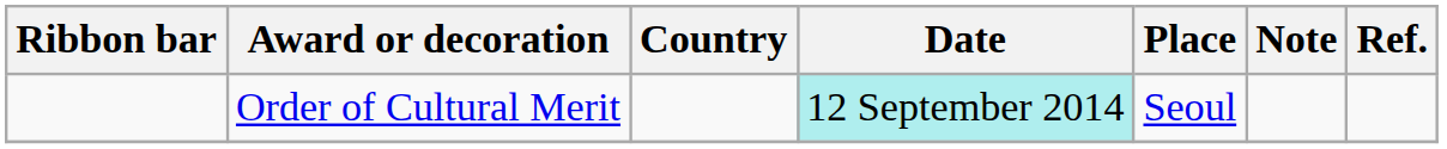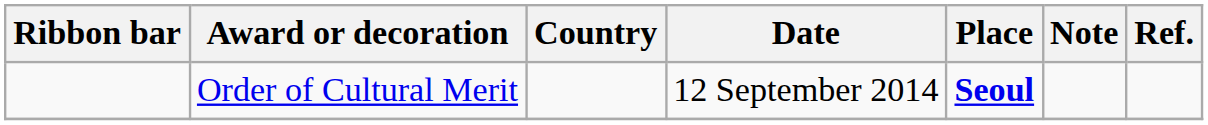 <table class="wikitable sortable" style="font-size: 90%;">
 <tr>
 <th class="unsortable">Ribbon bar</th>
 <th>Award or decoration</th>
 <th>Country</th>
 <th>Date</th>
 <th>Place</th>
 <th class="unsortable">Note</th>
 <th class="unsortable">Ref.</th>
 </tr>
 <tr>
 <td></td>
 <td><a href='#'>Order of Cultural Merit</a></td>
 <td></td>
-<td align=center style="background: paleturquoise;"> 12 September 2014</td>
-<td><a href='#'>Seoul</a></td>
+<td align=center> 12 September 2014</td>
+<td><strong><a href='#'>Seoul</a></strong></td>
 <td></td>
 <td></td>
 </tr>
 <tr>
 </tr>
 </table>
